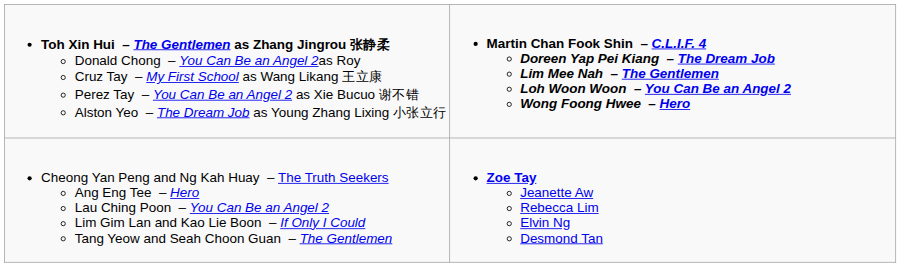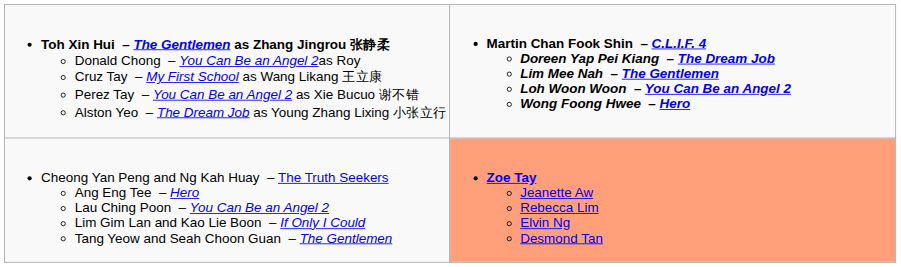 <table class=wikitable>
 <tr>
 <td valign="top" width="50%"><br><div></div><ul><li><strong>Toh Xin Hui   – <em><a href='#'>The Gentlemen</a></em> as Zhang Jingrou 张静柔</strong><ul><li>Donald Chong   – <em><a href='#'>You Can Be an Angel 2</a></em>as Roy</li><li>Cruz Tay   – <em><a href='#'>My First School</a></em> as Wang Likang 王立康</li><li>Perez Tay   – <em><a href='#'>You Can Be an Angel 2</a></em> as Xie Bucuo 谢不错</li><li>Alston Yeo   – <em><a href='#'>The Dream Job</a></em> as Young Zhang Lixing 小张立行</li></ul></li></ul></td>
 <td valign="top" width="50%"><br><div></div><ul><li><strong>Martin Chan Fook Shin   – <em><a href='#'>C.L.I.F. 4</a><strong><em><ul><li>Doreen Yap Pei Kiang   – </em><a href='#'>The Dream Job</a><em></li><li>Lim Mee Nah  – </em><a href='#'>The Gentlemen</a><em></li><li>Loh Woon Woon  – </em><a href='#'>You Can Be an Angel 2</a><em></li><li>Wong Foong Hwee   – </em><a href='#'>Hero</a><em></li></ul></li></ul></td>
 </tr>
 <tr>
 <td valign="top" width="50%"><br><div></div><ul><li></strong>Cheong Yan Peng and Ng Kah Huay  – </em><a href='#'>The Truth Seekers</a></em></strong><ul><li>Ang Eng Tee   – <em><a href='#'>Hero</a></em></li><li>Lau Ching Poon  – <em><a href='#'>You Can Be an Angel 2</a></em></li><li>Lim Gim Lan  and Kao Lie Boon   – <em><a href='#'>If Only I Could</a></em></li><li>Tang Yeow  and Seah Choon Guan  – <em><a href='#'>The Gentlemen</a></em></li></ul></li></ul></td>
-<td valign="top" width="50%"><br><div></div><ul><li><strong><a href='#'>Zoe Tay</a> </strong><ul><li><a href='#'>Jeanette Aw</a></li><li><a href='#'>Rebecca Lim</a></li><li><a href='#'>Elvin Ng</a></li><li><a href='#'>Desmond Tan</a></li></ul></li></ul></td>
+<td valign="top" width="50%" style="background: lightsalmon;"><br><div></div><ul><li><strong><a href='#'>Zoe Tay</a> </strong><ul><li><a href='#'>Jeanette Aw</a></li><li><a href='#'>Rebecca Lim</a></li><li><a href='#'>Elvin Ng</a></li><li><a href='#'>Desmond Tan</a></li></ul></li></ul></td>
 </tr>
 </table>
